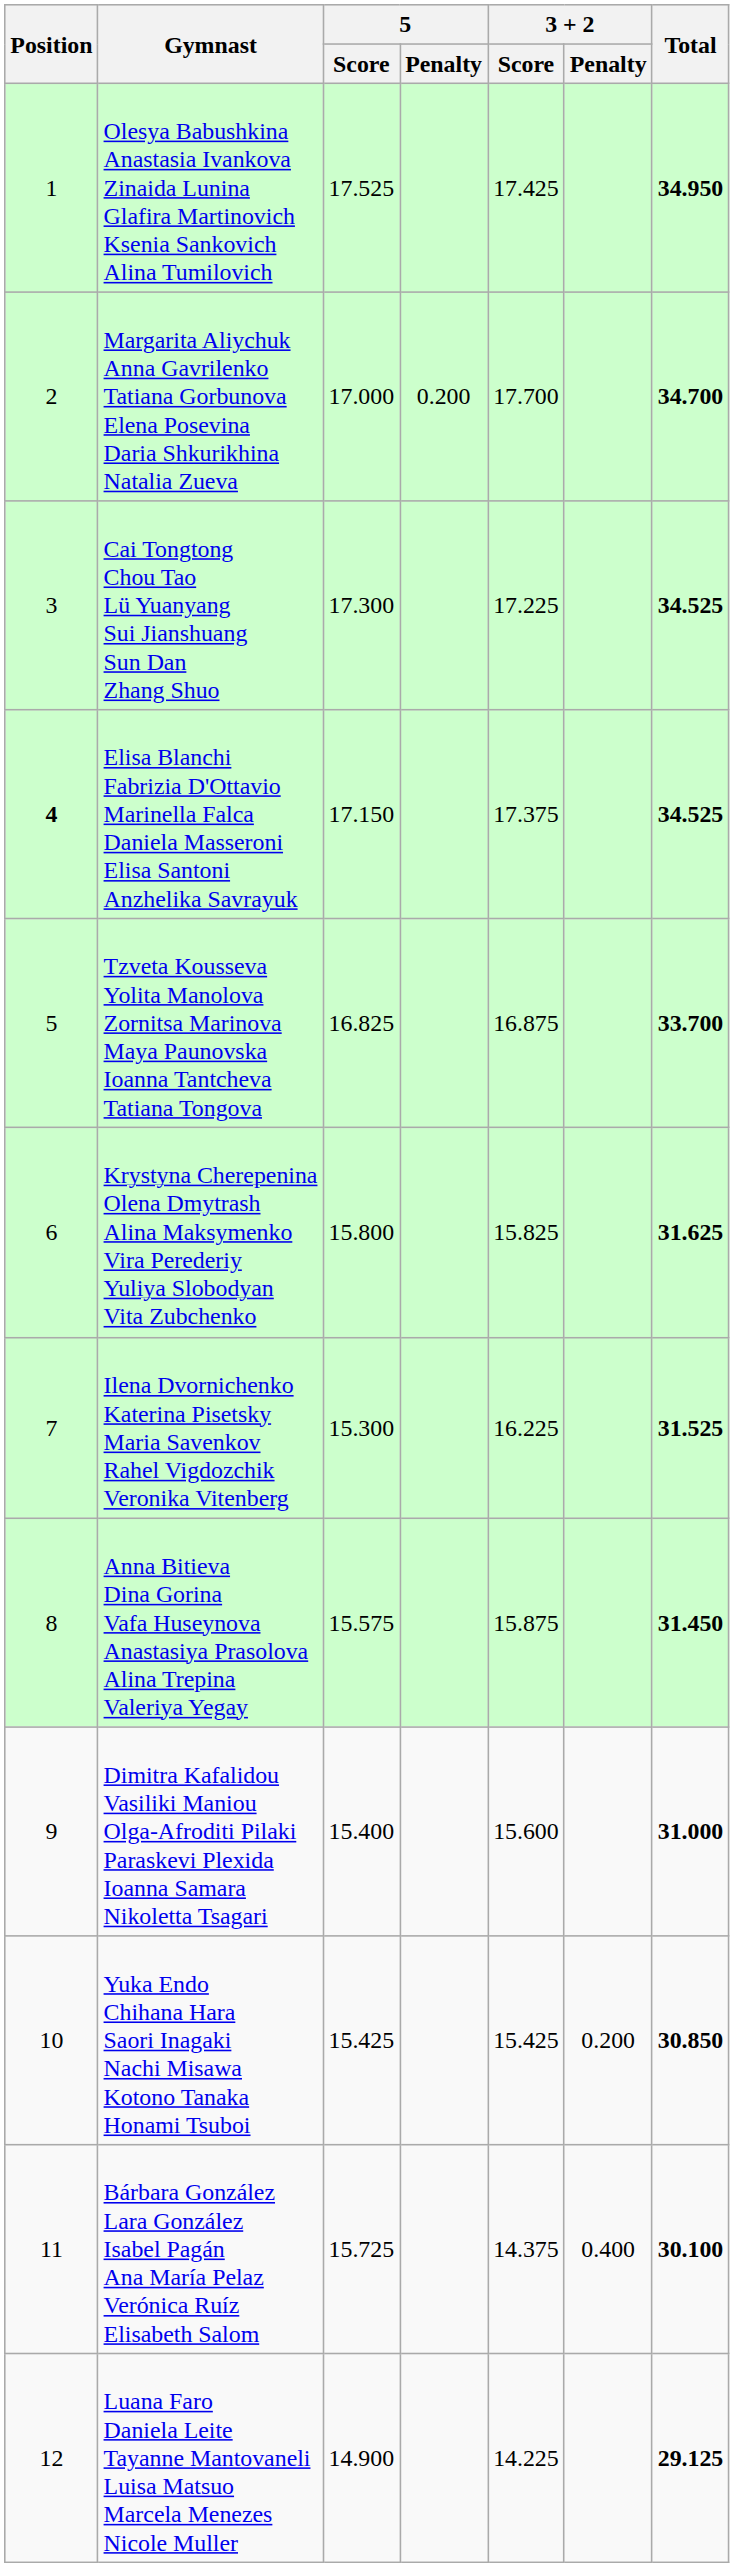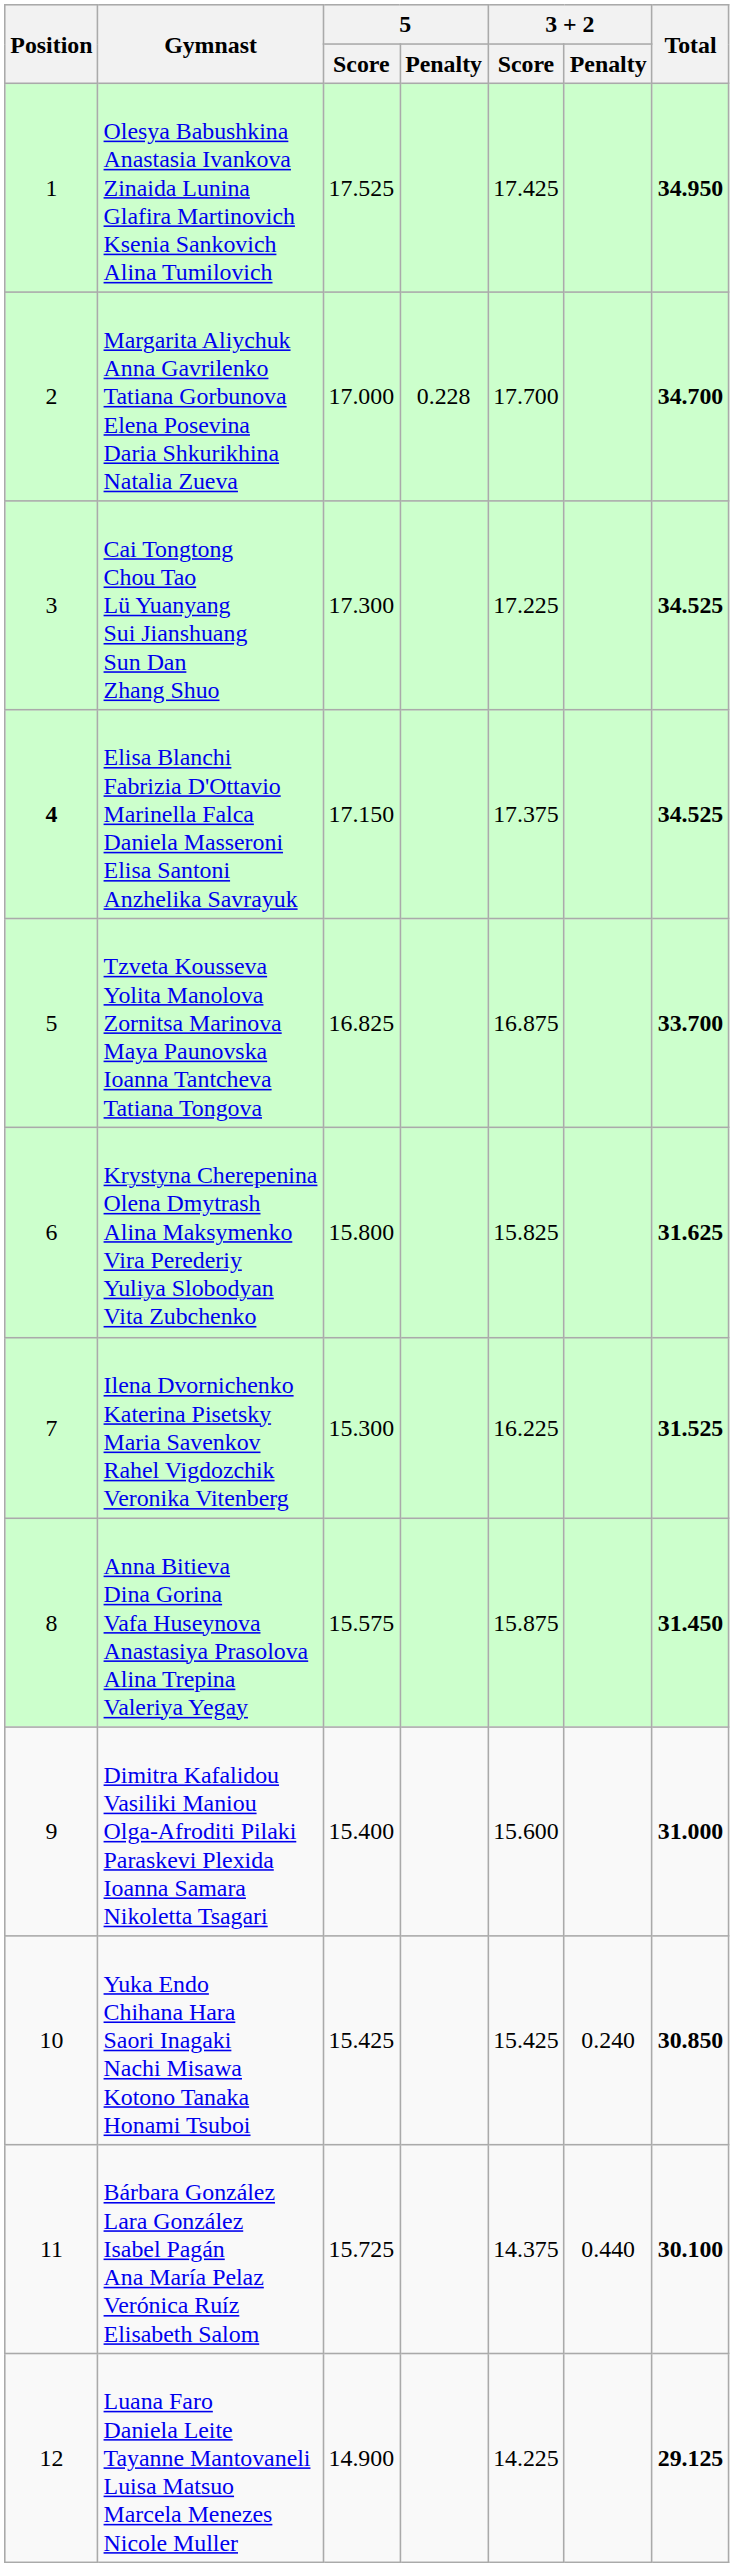 <table class="wikitable sortable" style="text-align:center; font-size:95%">
 <tr>
 <th rowspan="2">Position</th>
 <th rowspan="2">Gymnast</th>
 <th colspan="2">5 </th>
 <th colspan="2">3  + 2 </th>
 <th rowspan="2">Total</th>
 </tr>
 <tr>
 <th>Score</th>
 <th>Penalty</th>
 <th>Score</th>
 <th>Penalty</th>
 </tr>
 <tr bgcolor="ccffcc">
 <td>1</td>
 <td align="left"> <br><a href='#'>Olesya Babushkina</a> <br> <a href='#'>Anastasia Ivankova</a> <br> <a href='#'>Zinaida Lunina</a> <br> <a href='#'>Glafira Martinovich</a> <br> <a href='#'>Ksenia Sankovich</a> <br> <a href='#'>Alina Tumilovich</a></td>
 <td>17.525</td>
 <td></td>
 <td>17.425</td>
 <td></td>
 <td><strong>34.950</strong></td>
 </tr>
 <tr bgcolor="ccffcc">
 <td>2</td>
 <td align="left"> <br> <a href='#'>Margarita Aliychuk</a> <br> <a href='#'>Anna Gavrilenko</a> <br> <a href='#'>Tatiana Gorbunova</a> <br> <a href='#'>Elena Posevina</a> <br> <a href='#'>Daria Shkurikhina</a> <br> <a href='#'>Natalia Zueva</a></td>
 <td>17.000</td>
-<td>0.200</td>
+<td>0.228</td>
 <td>17.700</td>
 <td></td>
 <td><strong>34.700</strong></td>
 </tr>
 <tr bgcolor="ccffcc">
 <td>3</td>
 <td align=left> <br> <a href='#'>Cai Tongtong</a> <br> <a href='#'>Chou Tao</a> <br> <a href='#'>Lü Yuanyang</a> <br> <a href='#'>Sui Jianshuang</a> <br> <a href='#'>Sun Dan</a> <br> <a href='#'>Zhang Shuo</a></td>
 <td>17.300</td>
 <td></td>
 <td>17.225</td>
 <td></td>
 <td><strong>34.525</strong></td>
 </tr>
 <tr bgcolor="ccffcc">
 <td><strong>4</strong></td>
 <td align="left"> <br> <a href='#'>Elisa Blanchi</a> <br> <a href='#'>Fabrizia D'Ottavio</a> <br> <a href='#'>Marinella Falca</a> <br> <a href='#'>Daniela Masseroni</a> <br> <a href='#'>Elisa Santoni</a> <br> <a href='#'>Anzhelika Savrayuk</a></td>
 <td>17.150</td>
 <td></td>
 <td>17.375</td>
 <td></td>
 <td><strong>34.525</strong></td>
 </tr>
 <tr bgcolor="ccffcc">
 <td>5</td>
 <td align="left"> <br>  <a href='#'>Tzveta Kousseva</a> <br> <a href='#'>Yolita Manolova</a> <br> <a href='#'>Zornitsa Marinova</a> <br> <a href='#'>Maya Paunovska</a> <br> <a href='#'>Ioanna Tantcheva</a> <br> <a href='#'>Tatiana Tongova</a></td>
 <td>16.825</td>
 <td></td>
 <td>16.875</td>
 <td></td>
 <td><strong>33.700</strong></td>
 </tr>
 <tr bgcolor="ccffcc">
 <td>6</td>
 <td align="left"> <br> <a href='#'>Krystyna Cherepenina</a> <br> <a href='#'>Olena Dmytrash</a> <br> <a href='#'>Alina Maksymenko</a> <br> <a href='#'>Vira Perederiy</a> <br> <a href='#'>Yuliya Slobodyan</a> <br> <a href='#'>Vita Zubchenko</a></td>
 <td>15.800</td>
 <td></td>
 <td>15.825</td>
 <td></td>
 <td><strong>31.625</strong></td>
 </tr>
 <tr bgcolor="ccffcc">
 <td>7</td>
 <td align="left"> <br>  <a href='#'>Ilena Dvornichenko</a> <br> <a href='#'>Katerina Pisetsky</a> <br> <a href='#'>Maria Savenkov</a> <br> <a href='#'>Rahel Vigdozchik</a> <br> <a href='#'>Veronika Vitenberg</a></td>
 <td>15.300</td>
 <td></td>
 <td>16.225</td>
 <td></td>
 <td><strong>31.525</strong></td>
 </tr>
 <tr bgcolor="ccffcc">
 <td>8</td>
 <td align=left> <br> <a href='#'>Anna Bitieva</a> <br> <a href='#'>Dina Gorina</a> <br> <a href='#'>Vafa Huseynova</a> <br> <a href='#'>Anastasiya Prasolova</a> <br> <a href='#'>Alina Trepina</a> <br> <a href='#'>Valeriya Yegay</a></td>
 <td>15.575</td>
 <td></td>
 <td>15.875</td>
 <td></td>
 <td><strong>31.450</strong></td>
 </tr>
 <tr>
 <td>9</td>
 <td align="left"> <br> <a href='#'>Dimitra Kafalidou</a> <br> <a href='#'>Vasiliki Maniou</a> <br> <a href='#'>Olga-Afroditi Pilaki</a> <br> <a href='#'>Paraskevi Plexida</a> <br> <a href='#'>Ioanna Samara</a> <br> <a href='#'>Nikoletta Tsagari</a></td>
 <td>15.400</td>
 <td></td>
 <td>15.600</td>
 <td></td>
 <td><strong>31.000</strong></td>
 </tr>
 <tr>
 <td>10</td>
 <td align="left"> <br> <a href='#'>Yuka Endo</a> <br> <a href='#'>Chihana Hara</a> <br> <a href='#'>Saori Inagaki</a> <br> <a href='#'>Nachi Misawa</a> <br> <a href='#'>Kotono Tanaka</a> <br> <a href='#'>Honami Tsuboi</a></td>
 <td>15.425</td>
 <td></td>
 <td>15.425</td>
-<td>0.200</td>
+<td>0.240</td>
 <td><strong>30.850</strong></td>
 </tr>
 <tr>
 <td>11</td>
 <td align="left"> <br> <a href='#'>Bárbara González</a> <br> <a href='#'>Lara González</a> <br> <a href='#'>Isabel Pagán</a> <br> <a href='#'>Ana María Pelaz</a> <br> <a href='#'>Verónica Ruíz</a> <br> <a href='#'>Elisabeth Salom</a></td>
 <td>15.725</td>
 <td></td>
 <td>14.375</td>
-<td>0.400</td>
+<td>0.440</td>
 <td><strong>30.100</strong></td>
 </tr>
 <tr>
 <td>12</td>
 <td align="left"> <br> <a href='#'>Luana Faro</a> <br> <a href='#'>Daniela Leite</a> <br> <a href='#'>Tayanne Mantovaneli</a> <br> <a href='#'>Luisa Matsuo</a> <br> <a href='#'>Marcela Menezes</a> <br> <a href='#'>Nicole Muller</a></td>
 <td>14.900</td>
 <td></td>
 <td>14.225</td>
 <td></td>
 <td><strong>29.125</strong></td>
 </tr>
 </table>
